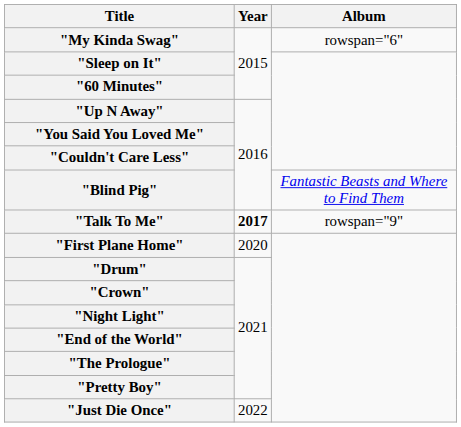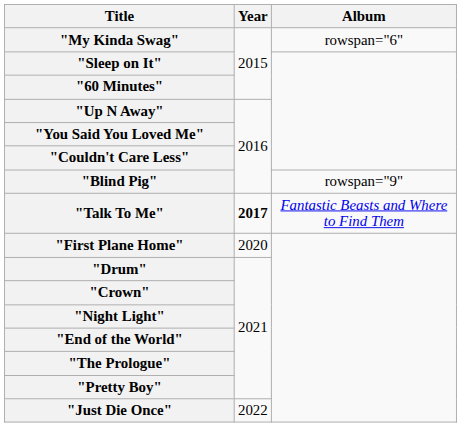 <table class="wikitable plainrowheaders" style="text-align:center;">
 <tr>
 <th scope="col" style="width:15em;">Title</th>
 <th scope="col" style="width:2em;">Year</th>
 <th scope="col" style="width:12em;">Album</th>
 </tr>
 <tr>
 <th scope="row">"My Kinda Swag"</th>
 <td rowspan="3">2015</td>
 <td>rowspan="6" </td>
 </tr>
 <tr>
 <th scope="row">"Sleep on It"</th>
 </tr>
 <tr>
 <th scope="row">"60 Minutes"</th>
 </tr>
 <tr>
 <th scope="row">"Up N Away"</th>
 <td rowspan="4">2016</td>
 </tr>
 <tr>
 <th scope="row">"You Said You Loved Me"</th>
 </tr>
 <tr>
 <th scope="row">"Couldn't Care Less"</th>
 </tr>
 <tr>
 <th scope="row">"Blind Pig"</th>
-<td><em><a href='#'>Fantastic Beasts and Where to Find Them</a></em></td>
+<td>rowspan="9" </td>
 </tr>
 <tr>
 <th scope="row">"Talk To Me"</th>
 <td><strong>2017</strong></td>
-<td>rowspan="9" </td>
+<td><em><a href='#'>Fantastic Beasts and Where to Find Them</a></em></td>
 </tr>
 <tr>
 <th scope="row">"First Plane Home"</th>
 <td>2020</td>
 </tr>
 <tr>
 <th scope="row">"Drum"</th>
 <td rowspan="6">2021</td>
 </tr>
 <tr>
 <th scope="row">"Crown"</th>
 </tr>
 <tr>
 <th scope="row">"Night Light"</th>
 </tr>
 <tr>
 <th scope="row">"End of the World"</th>
 </tr>
 <tr>
 <th scope="row">"The Prologue"</th>
 </tr>
 <tr>
 <th scope="row">"Pretty Boy"</th>
 </tr>
 <tr>
 <th scope="row">"Just Die Once"</th>
 <td>2022</td>
 </tr>
 </table>
